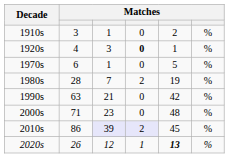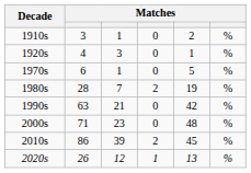 <table class="wikitable">
 <tr>
 <th rowspan=2 width="80">Decade</th>
 <th colspan=5>Matches</th>
 </tr>
 <tr>
 <th width="45"></th>
 <th width="45"></th>
 <th width="45"></th>
 <th width="45"></th>
 <th width="45"></th>
 </tr>
 <tr>
 <td align=center>1910s</td>
 <td align=center>3</td>
 <td align=center>1</td>
 <td align=center>0</td>
 <td align=center>2</td>
 <td align=center>%</td>
 </tr>
 <tr>
 <td align=center>1920s</td>
 <td align=center>4</td>
 <td align=center>3</td>
-<td align=center><strong>0</strong></td>
+<td align=center>0</td>
 <td align=center>1</td>
 <td align=center>%</td>
 </tr>
 <tr>
 <td align=center>1970s</td>
 <td align=center>6</td>
 <td align=center>1</td>
 <td align=center>0</td>
 <td align=center>5</td>
 <td align=center>%</td>
 </tr>
 <tr>
 <td align=center>1980s</td>
 <td align=center>28</td>
 <td align=center>7</td>
 <td align=center>2</td>
 <td align=center>19</td>
 <td align=center>%</td>
 </tr>
 <tr>
 <td align=center>1990s</td>
 <td align=center>63</td>
 <td align=center>21</td>
 <td align=center>0</td>
 <td align=center>42</td>
 <td align=center>%</td>
 </tr>
 <tr>
 <td align=center>2000s</td>
 <td align=center>71</td>
 <td align=center>23</td>
 <td align=center>0</td>
 <td align=center>48</td>
 <td align=center>%</td>
 </tr>
 <tr>
 <td align=center>2010s</td>
 <td align=center>86</td>
-<td align=center style="background: lavender;">39</td>
-<td align=center style="background: lavender;">2</td>
+<td align=center>39</td>
+<td align=center>2</td>
 <td align=center>45</td>
 <td align=center>%</td>
 </tr>
 <tr>
 <td align=center><em>2020s</em></td>
 <td align=center><em>26</em></td>
 <td align=center><em>12</em></td>
 <td align=center><em>1</em></td>
-<td align=center><strong><em>13</em></strong></td>
+<td align=center><em>13</em></td>
 <td align=center><em>%</em></td>
 </tr>
 </table>
